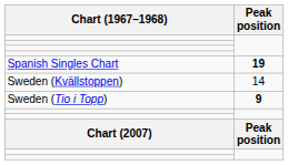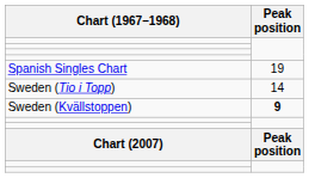 <table class="wikitable sortable">
 <tr>
 <th style="width:20em;">Chart (1967–1968)</th>
 <th>Peak<br>position</th>
 </tr>
 <tr>
 <td></td>
 </tr>
 <tr>
 <td></td>
 </tr>
 <tr>
 <td></td>
 </tr>
 <tr>
 <td></td>
 </tr>
 <tr>
 <td><a href='#'>Spanish Singles Chart</a></td>
-<td align="center"><strong>19</strong></td>
+<td align="center">19</td>
+</tr>
+<tr>
+<td>Sweden (<em><a href='#'>Tio i Topp</a></em>)</td>
+<td style="text-align:center;">14</td>
 </tr>
 <tr>
 <td>Sweden (<a href='#'>Kvällstoppen</a>)</td>
-<td style="text-align:center;">14</td>
-</tr>
-<tr>
-<td>Sweden (<em><a href='#'>Tio i Topp</a></em>)</td>
 <td style="text-align:center;"><strong>9</strong></td>
 </tr>
 <tr>
 <td></td>
 </tr>
 <tr>
 <td></td>
 </tr>
 <tr>
 <th style="width:20em;">Chart (2007)</th>
 <th>Peak<br>position</th>
 </tr>
 <tr>
 <td></td>
 </tr>
 <tr>
 <td></td>
 </tr>
 </table>
